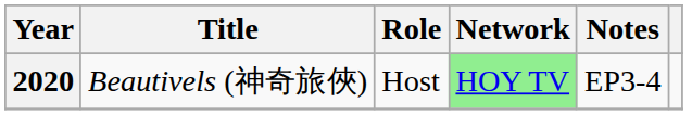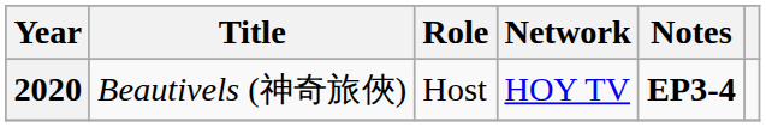 <table class="wikitable plainrowheaders">
 <tr>
 <th scope="col">Year</th>
 <th scope="col">Title</th>
 <th scope="col">Role</th>
 <th scope="col">Network</th>
 <th scope="col" class="unsortable">Notes</th>
 <th scope="col" class="unsortable"></th>
 </tr>
 <tr>
 <th scope="row">2020</th>
 <td><em>Beautivels</em> (神奇旅俠)</td>
 <td>Host</td>
-<td style="background: lightgreen;"><a href='#'>HOY TV</a></td>
-<td>EP3-4</td>
+<td><a href='#'>HOY TV</a></td>
+<td><strong>EP3-4</strong></td>
 <td></td>
 </tr>
 <tr>
 </tr>
 </table>
